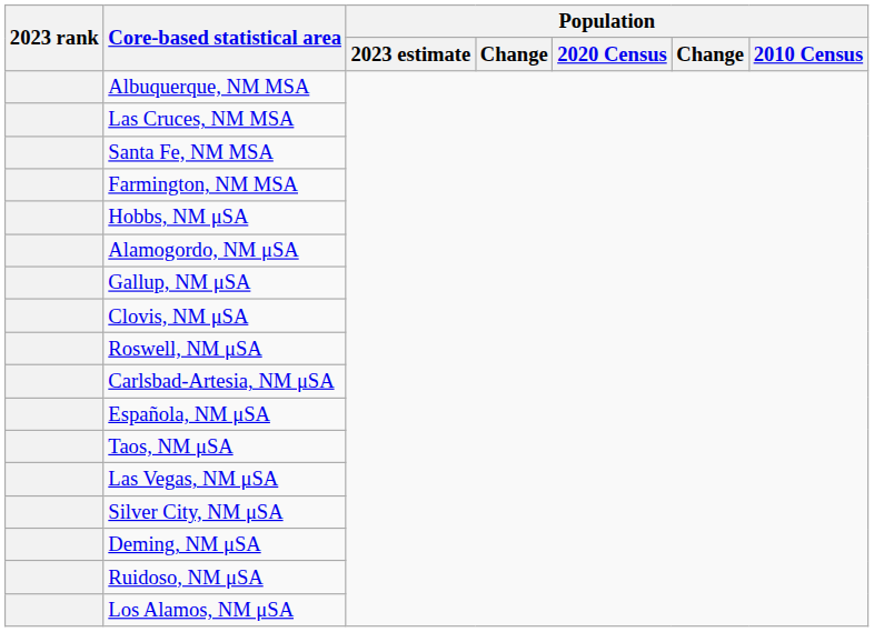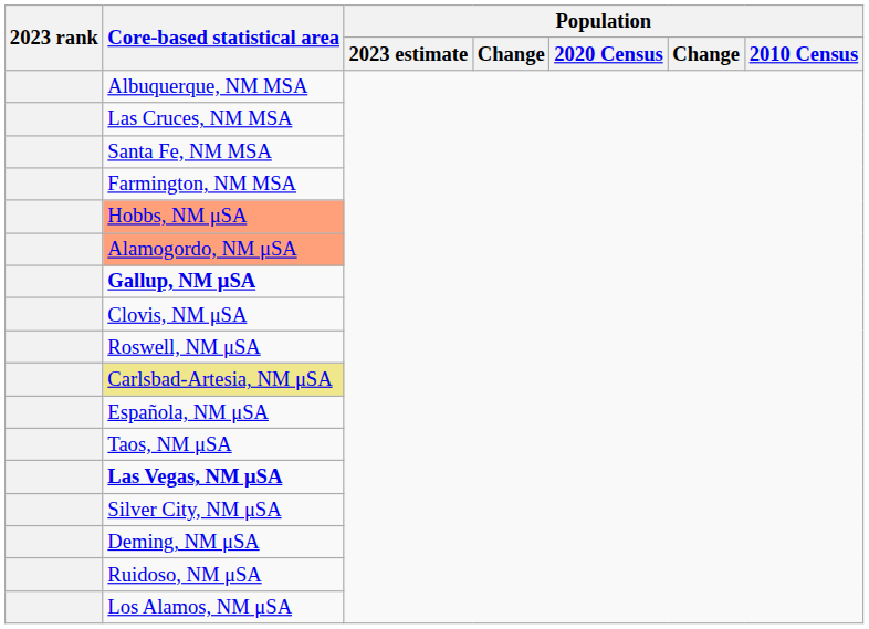 <table class="wikitable sortable">
 <tr>
 <th scope=col rowspan=2>2023 rank</th>
 <th scope=col rowspan=2><a href='#'>Core-based statistical area</a></th>
 <th colspan=5>Population</th>
 </tr>
 <tr>
 <th scope=col>2023 estimate</th>
 <th scope=col>Change</th>
 <th scope=col><a href='#'>2020 Census</a></th>
 <th scope=col>Change</th>
 <th scope=col><a href='#'>2010 Census</a></th>
 </tr>
 <tr>
 <th scope=row></th>
 <td><a href='#'>Albuquerque, NM MSA</a><br></td>
 </tr>
 <tr>
 <th scope=row></th>
 <td><a href='#'>Las Cruces, NM MSA</a><br></td>
 </tr>
 <tr>
 <th scope=row></th>
 <td><a href='#'>Santa Fe, NM MSA</a><br></td>
 </tr>
 <tr>
 <th scope=row></th>
 <td><a href='#'>Farmington, NM MSA</a><br></td>
 </tr>
 <tr>
 <th scope=row></th>
-<td><a href='#'>Hobbs, NM μSA</a><br></td>
+<td style="background: lightsalmon;"><a href='#'>Hobbs, NM μSA</a><br></td>
 </tr>
 <tr>
 <th scope=row></th>
-<td><a href='#'>Alamogordo, NM μSA</a><br></td>
+<td style="background: lightsalmon;"><a href='#'>Alamogordo, NM μSA</a><br></td>
 </tr>
 <tr>
 <th scope=row></th>
-<td><a href='#'>Gallup, NM μSA</a><br></td>
+<td><strong><a href='#'>Gallup, NM μSA</a><br></strong></td>
 </tr>
 <tr>
 <th scope=row></th>
 <td><a href='#'>Clovis, NM μSA</a><br></td>
 </tr>
 <tr>
 <th scope=row></th>
 <td><a href='#'>Roswell, NM μSA</a><br></td>
 </tr>
 <tr>
 <th scope=row></th>
-<td><a href='#'>Carlsbad-Artesia, NM μSA</a><br></td>
+<td style="background: khaki;"><a href='#'>Carlsbad-Artesia, NM μSA</a><br></td>
 </tr>
 <tr>
 <th scope=row></th>
 <td><a href='#'>Española, NM μSA</a><br></td>
 </tr>
 <tr>
 <th scope=row></th>
 <td><a href='#'>Taos, NM μSA</a><br></td>
 </tr>
 <tr>
 <th scope=row></th>
-<td><a href='#'>Las Vegas, NM μSA</a><br></td>
+<td><strong><a href='#'>Las Vegas, NM μSA</a><br></strong></td>
 </tr>
 <tr>
 <th scope=row></th>
 <td><a href='#'>Silver City, NM μSA</a><br></td>
 </tr>
 <tr>
 <th scope=row></th>
 <td><a href='#'>Deming, NM μSA</a><br></td>
 </tr>
 <tr>
 <th scope=row></th>
 <td><a href='#'>Ruidoso, NM μSA</a><br></td>
 </tr>
 <tr>
 <th scope=row></th>
 <td><a href='#'>Los Alamos, NM μSA</a><br></td>
 </tr>
 </table>
